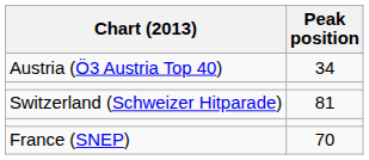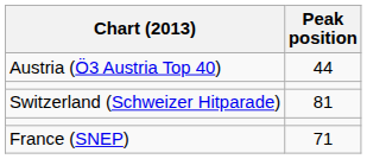 <table class="wikitable sortable">
 <tr>
 <th>Chart (2013)</th>
 <th>Peak<br>position</th>
 </tr>
 <tr>
 <td>Austria (<a href='#'>Ö3 Austria Top 40</a>)</td>
-<td style="text-align:center;">34</td>
+<td style="text-align:center;">44</td>
 </tr>
 <tr>
 <td></td>
 </tr>
 <tr>
 <td>Switzerland (<a href='#'>Schweizer Hitparade</a>)</td>
 <td style="text-align:center;">81</td>
 </tr>
 <tr>
 <td></td>
 </tr>
 <tr>
 <td>France (<a href='#'>SNEP</a>)</td>
-<td style="text-align:center;">70</td>
+<td style="text-align:center;">71</td>
 </tr>
 </table>
